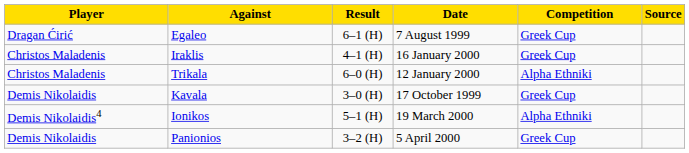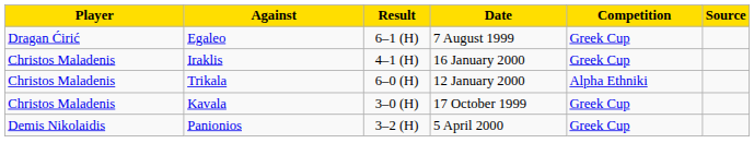 <table class="wikitable">
 <tr>
 <th width=200 style="background:#FFDE00">Player</th>
 <th width=200 style="background:#FFDE00">Against</th>
 <th width=70 style="background:#FFDE00">Result</th>
 <th width=150 style="background:#FFDE00">Date</th>
 <th width=150 style="background:#FFDE00">Competition</th>
 <th style="background:#FFDE00">Source</th>
 </tr>
 <tr>
 <td> <a href='#'>Dragan Ćirić</a></td>
 <td> <a href='#'>Egaleo</a></td>
 <td align=center>6–1 (H)</td>
 <td>7 August 1999</td>
 <td><a href='#'>Greek Cup</a></td>
 <td align=center></td>
 </tr>
 <tr>
 <td> <a href='#'>Christos Maladenis</a></td>
 <td> <a href='#'>Iraklis</a></td>
 <td align=center>4–1 (H)</td>
 <td>16 January 2000</td>
 <td><a href='#'>Greek Cup</a></td>
 <td align=center></td>
 </tr>
 <tr>
 <td> <a href='#'>Christos Maladenis</a></td>
 <td> <a href='#'>Trikala</a></td>
 <td align=center>6–0 (H)</td>
 <td>12 January 2000</td>
 <td><a href='#'>Alpha Ethniki</a></td>
 <td align=center></td>
 </tr>
 <tr>
-<td> <a href='#'>Demis Nikolaidis</a></td>
+<td> <a href='#'>Christos Maladenis</a></td>
 <td> <a href='#'>Kavala</a></td>
 <td align=center>3–0 (H)</td>
 <td>17 October 1999</td>
 <td><a href='#'>Greek Cup</a></td>
-<td align=center></td>
-</tr>
-<tr>
-<td> <a href='#'>Demis Nikolaidis</a><sup>4</sup></td>
-<td> <a href='#'>Ionikos</a></td>
-<td align=center>5–1 (H)</td>
-<td>19 March 2000</td>
-<td><a href='#'>Alpha Ethniki</a></td>
 <td align=center></td>
 </tr>
 <tr>
 <td> <a href='#'>Demis Nikolaidis</a></td>
 <td> <a href='#'>Panionios</a></td>
 <td align=center>3–2 (H)</td>
 <td>5 April 2000</td>
 <td><a href='#'>Greek Cup</a></td>
 <td align=center></td>
 </tr>
 </table>
